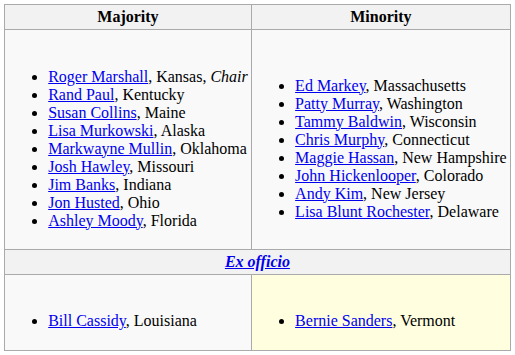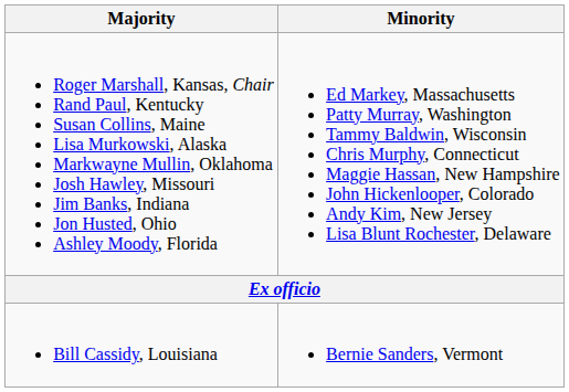 <table class=wikitable>
 <tr>
 <th>Majority</th>
 <th>Minority</th>
 </tr>
 <tr>
 <td><br><ul><li><a href='#'>Roger Marshall</a>, Kansas, <em>Chair</em></li><li><a href='#'>Rand Paul</a>, Kentucky</li><li><a href='#'>Susan Collins</a>, Maine</li><li><a href='#'>Lisa Murkowski</a>, Alaska</li><li><a href='#'>Markwayne Mullin</a>, Oklahoma</li><li><a href='#'>Josh Hawley</a>, Missouri</li><li><a href='#'>Jim Banks</a>, Indiana</li><li><a href='#'>Jon Husted</a>, Ohio</li><li><a href='#'>Ashley Moody</a>, Florida</li></ul></td>
 <td><br><ul><li><a href='#'>Ed Markey</a>, Massachusetts</li><li><a href='#'>Patty Murray</a>, Washington</li><li><a href='#'>Tammy Baldwin</a>, Wisconsin</li><li><a href='#'>Chris Murphy</a>, Connecticut</li><li><a href='#'>Maggie Hassan</a>, New Hampshire</li><li><a href='#'>John Hickenlooper</a>, Colorado</li><li><a href='#'>Andy Kim</a>, New Jersey</li><li><a href='#'>Lisa Blunt Rochester</a>, Delaware</li></ul></td>
 </tr>
 <tr>
 <th colspan=2><em><a href='#'>Ex officio</a></em></th>
 </tr>
 <tr>
 <td><br><ul><li><a href='#'>Bill Cassidy</a>, Louisiana</li></ul></td>
-<td style="background: lightyellow;"><br><ul><li><span><a href='#'>Bernie Sanders</a>, Vermont</span></li></ul></td>
+<td><br><ul><li><span><a href='#'>Bernie Sanders</a>, Vermont</span></li></ul></td>
 </tr>
 </table>
